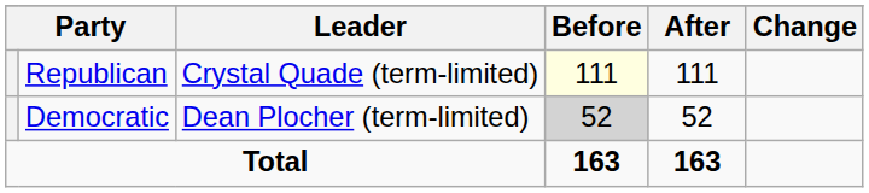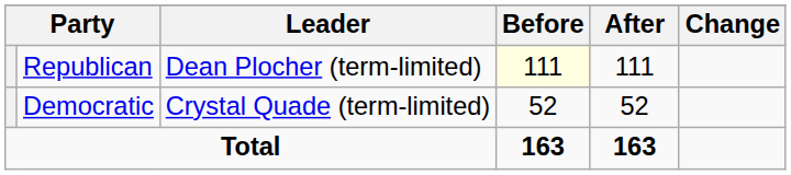 <table class="wikitable" style="text-align:center;">
 <tr>
 </tr>
 <tr>
 <th colspan="2">Party</th>
 <th>Leader</th>
 <th style="width:3em">Before</th>
 <th style="width:3em">After</th>
 <th style="width:3em">Change</th>
 </tr>
 <tr>
 <th style="background-color:"></th>
 <td style="text-align:left;"><a href='#'>Republican</a></td>
-<td style="text-align:left;"><a href='#'>Crystal Quade</a> (term-limited)</td>
+<td style="text-align:left;"><a href='#'>Dean Plocher</a> (term-limited)</td>
 <td style="background: lightyellow;">111</td>
 <td>111</td>
 <td></td>
 </tr>
 <tr>
 <th style="background-color:"></th>
 <td style="text-align:left;"><a href='#'>Democratic</a></td>
-<td style="text-align:left;"><a href='#'>Dean Plocher</a> (term-limited)</td>
-<td style="background: lightgrey;">52</td>
+<td style="text-align:left;"><a href='#'>Crystal Quade</a> (term-limited)</td>
+<td>52</td>
 <td>52</td>
 <td></td>
 </tr>
 <tr>
 <td colspan="3"><strong>Total</strong></td>
 <td><strong>163</strong></td>
 <td><strong>163</strong></td>
 <td></td>
 </tr>
 </table>
